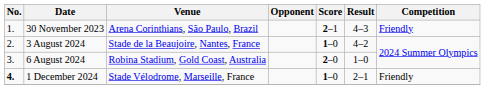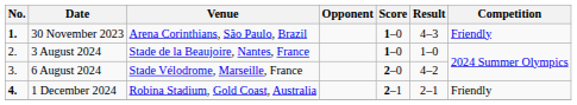 <table class="wikitable">
 <tr>
 <th>No.</th>
 <th>Date</th>
 <th>Venue</th>
 <th>Opponent</th>
 <th>Score</th>
 <th>Result</th>
 <th>Competition</th>
 </tr>
 <tr>
-<td>1.</td>
+<td><strong>1.</strong></td>
 <td>30 November 2023</td>
 <td><a href='#'>Arena Corinthians</a>, <a href='#'>São Paulo</a>, <a href='#'>Brazil</a></td>
 <td></td>
-<td align=center><strong>2</strong>–1</td>
+<td align=center><strong>1</strong>–0</td>
 <td align=center>4–3</td>
 <td><a href='#'>Friendly</a></td>
 </tr>
 <tr>
 <td>2.</td>
 <td>3 August 2024</td>
 <td><a href='#'>Stade de la Beaujoire</a>, <a href='#'>Nantes</a>, <a href='#'>France</a></td>
 <td></td>
 <td align=center><strong>1</strong>–0</td>
-<td align=center>4–2</td>
+<td align=center>1–0</td>
 <td rowspan=2><a href='#'>2024 Summer Olympics</a></td>
 </tr>
 <tr>
 <td>3.</td>
 <td>6 August 2024</td>
-<td><a href='#'>Robina Stadium</a>, <a href='#'>Gold Coast</a>, <a href='#'>Australia</a></td>
+<td><a href='#'>Stade Vélodrome</a>, <a href='#'>Marseille</a>, France</td>
 <td></td>
 <td align=center><strong>2</strong>–0</td>
-<td align=center>1–0</td>
+<td align=center>4–2</td>
 </tr>
 <tr>
 <td><strong>4.</strong></td>
 <td>1 December 2024</td>
-<td><a href='#'>Stade Vélodrome</a>, <a href='#'>Marseille</a>, France</td>
+<td><a href='#'>Robina Stadium</a>, <a href='#'>Gold Coast</a>, <a href='#'>Australia</a></td>
 <td></td>
-<td align=center><strong>1</strong>–0</td>
+<td align=center><strong>2</strong>–1</td>
 <td align=center>2–1</td>
 <td>Friendly</td>
 </tr>
 <tr>
 </tr>
 </table>
